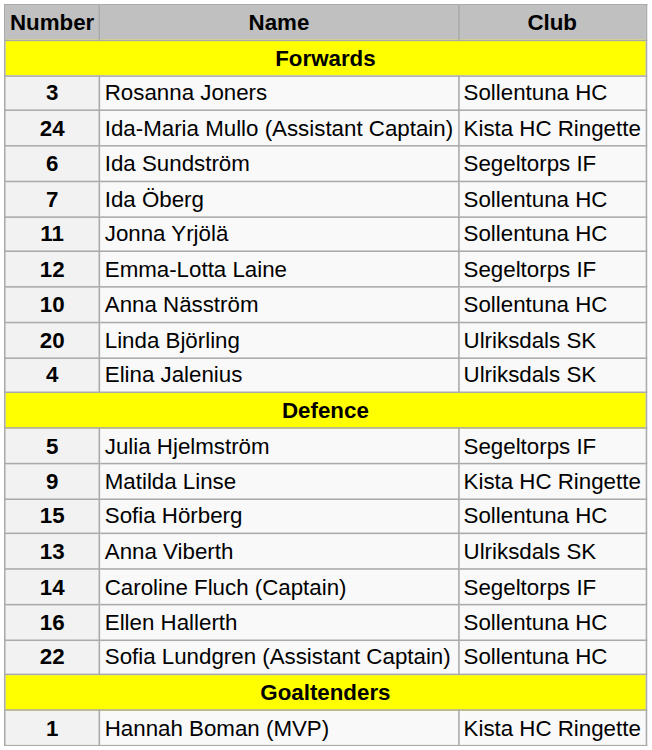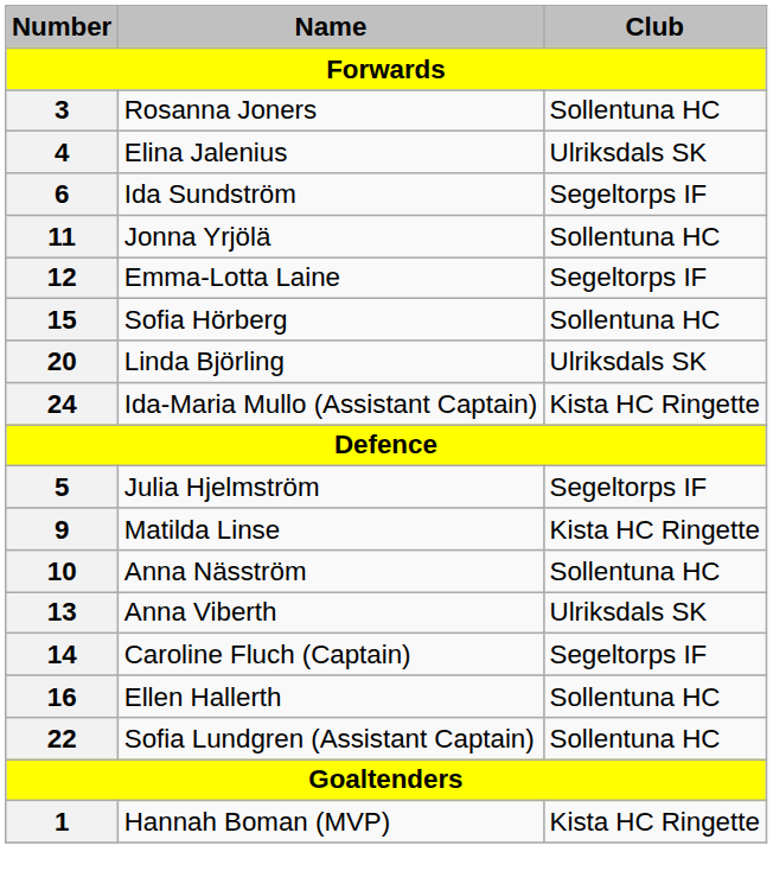 <table class="wikitable" style="text-align:left; font-size:90%;">
 <tr>
 <th style="background:silver;">Number</th>
 <th style="background:silver;">Name</th>
 <th style="background:silver;">Club</th>
 </tr>
 <tr>
 <th style=background:Yellow colspan=3>Forwards</th>
 </tr>
 <tr>
 <th>3</th>
 <td>Rosanna Joners</td>
 <td>Sollentuna HC</td>
 </tr>
 <tr>
-<th>24</th>
-<td>Ida-Maria Mullo (Assistant Captain)</td>
-<td>Kista HC Ringette</td>
+<th>4</th>
+<td>Elina Jalenius</td>
+<td>Ulriksdals SK</td>
 </tr>
 <tr>
 <th>6</th>
 <td>Ida Sundström</td>
 <td>Segeltorps IF</td>
-</tr>
-<tr>
-<th>7</th>
-<td>Ida Öberg</td>
-<td>Sollentuna HC</td>
 </tr>
 <tr>
 <th>11</th>
 <td>Jonna Yrjölä</td>
 <td>Sollentuna HC</td>
 </tr>
 <tr>
 <th>12</th>
 <td>Emma-Lotta Laine</td>
 <td>Segeltorps IF</td>
 </tr>
 <tr>
-<th>10</th>
-<td>Anna Näsström</td>
+<th>15</th>
+<td>Sofia Hörberg</td>
 <td>Sollentuna HC</td>
 </tr>
 <tr>
 <th>20</th>
 <td>Linda Björling</td>
 <td>Ulriksdals SK</td>
 </tr>
 <tr>
-<th>4</th>
-<td>Elina Jalenius</td>
-<td>Ulriksdals SK</td>
+<th>24</th>
+<td>Ida-Maria Mullo (Assistant Captain)</td>
+<td>Kista HC Ringette</td>
 </tr>
 <tr>
 <th style=background:Yellow colspan=3>Defence</th>
 </tr>
 <tr>
 <th>5</th>
 <td>Julia Hjelmström</td>
 <td>Segeltorps IF</td>
 </tr>
 <tr>
 <th>9</th>
 <td>Matilda Linse</td>
 <td>Kista HC Ringette</td>
 </tr>
 <tr>
-<th>15</th>
-<td>Sofia Hörberg</td>
+<th>10</th>
+<td>Anna Näsström</td>
 <td>Sollentuna HC</td>
 </tr>
 <tr>
 <th>13</th>
 <td>Anna Viberth</td>
 <td>Ulriksdals SK</td>
 </tr>
 <tr>
 <th>14</th>
 <td>Caroline Fluch (Captain)</td>
 <td>Segeltorps IF</td>
 </tr>
 <tr>
 <th>16</th>
 <td>Ellen Hallerth</td>
 <td>Sollentuna HC</td>
 </tr>
 <tr>
 <th>22</th>
 <td>Sofia Lundgren (Assistant Captain)</td>
 <td>Sollentuna HC</td>
 </tr>
 <tr>
 <th style=background:Yellow colspan=3>Goaltenders</th>
 </tr>
 <tr>
 <th>1</th>
 <td>Hannah Boman (MVP)</td>
 <td>Kista HC Ringette</td>
 </tr>
 </table>
